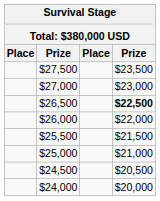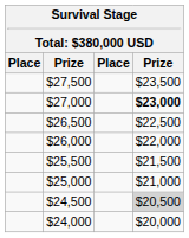 <table class="wikitable" style="text-align:center; margin-top:0px;">
 <tr>
 <th colspan=4>Survival Stage<hr>Total: $380,000 USD</th>
 </tr>
 <tr>
 <th>Place</th>
 <th>Prize </th>
 <th>Place</th>
 <th>Prize </th>
 </tr>
 <tr>
 <td></td>
 <td>$27,500</td>
 <td></td>
 <td>$23,500</td>
 </tr>
 <tr>
 <td></td>
 <td>$27,000</td>
 <td></td>
-<td>$23,000</td>
+<td><strong>$23,000</strong></td>
 </tr>
 <tr>
 <td></td>
 <td>$26,500</td>
 <td></td>
-<td><strong>$22,500</strong></td>
+<td>$22,500</td>
 </tr>
 <tr>
 <td></td>
 <td>$26,000</td>
 <td></td>
 <td>$22,000</td>
 </tr>
 <tr>
 <td></td>
 <td>$25,500</td>
 <td></td>
 <td>$21,500</td>
 </tr>
 <tr>
 <td></td>
 <td>$25,000</td>
 <td></td>
 <td>$21,000</td>
 </tr>
 <tr>
 <td></td>
 <td>$24,500</td>
 <td></td>
-<td>$20,500</td>
+<td style="background: lightgrey;">$20,500</td>
 </tr>
 <tr>
 <td></td>
 <td>$24,000</td>
 <td></td>
 <td>$20,000</td>
 </tr>
 </table>
